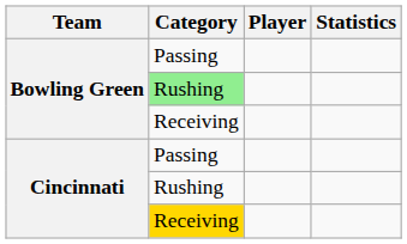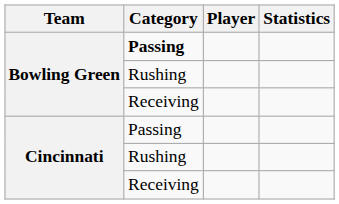 <table class="wikitable" style="float:right">
 <tr>
 <th>Team</th>
 <th>Category</th>
 <th>Player</th>
 <th>Statistics</th>
 </tr>
 <tr>
 <th rowspan=3>Bowling Green</th>
-<td>Passing</td>
+<td><strong>Passing</strong></td>
 <td></td>
 <td></td>
 </tr>
 <tr>
-<td style="background: lightgreen;">Rushing</td>
+<td>Rushing</td>
 <td></td>
 <td></td>
 </tr>
 <tr>
 <td>Receiving</td>
 <td></td>
 <td></td>
 </tr>
 <tr>
 <th rowspan=3>Cincinnati</th>
 <td>Passing</td>
 <td></td>
 <td></td>
 </tr>
 <tr>
 <td>Rushing</td>
 <td></td>
 <td></td>
 </tr>
 <tr>
-<td style="background: gold;">Receiving</td>
+<td>Receiving</td>
 <td></td>
 <td></td>
 </tr>
 </table>
